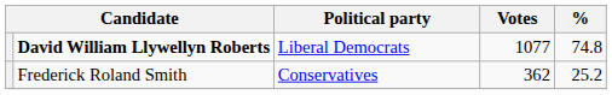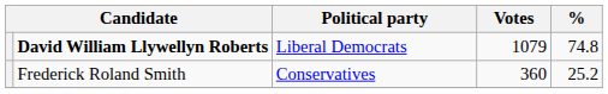 <table class="wikitable">
 <tr>
 <th valign=top colspan="2" style="width: 180px">Candidate</th>
 <th valign=top style="width: 180px">Political party</th>
 <th valign=top style="width: 60px">Votes</th>
 <th valign=top style="width: 40px">%</th>
 </tr>
 <tr>
 <th style="background-color: "></th>
 <td><strong>David William Llywellyn Roberts</strong></td>
 <td><a href='#'>Liberal Democrats</a></td>
-<td align="right">1077</td>
+<td align="right">1079</td>
 <td align="right">74.8</td>
 </tr>
 <tr>
 <th style="background-color: "></th>
 <td>Frederick Roland Smith</td>
 <td><a href='#'>Conservatives</a></td>
-<td align="right">362</td>
+<td align="right">360</td>
 <td align="right">25.2</td>
 </tr>
 <tr>
 </tr>
 </table>
